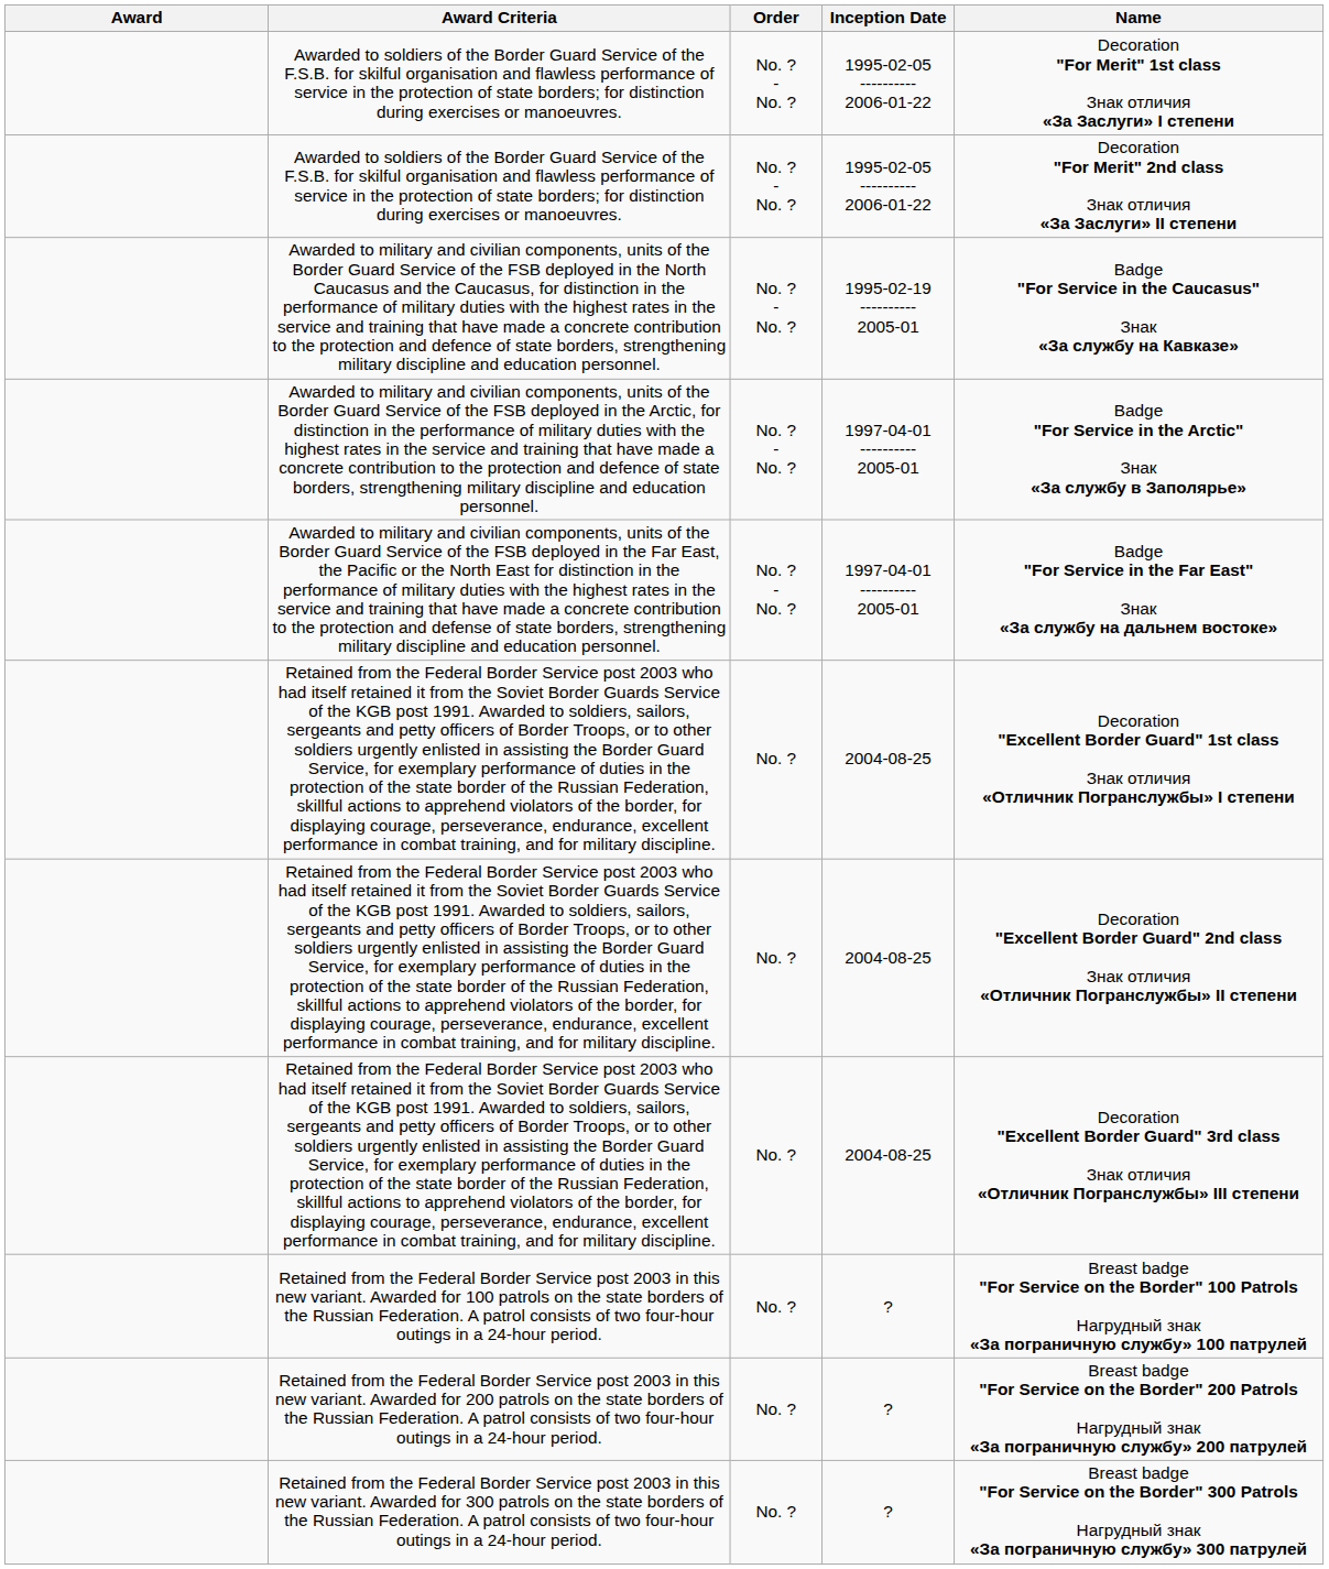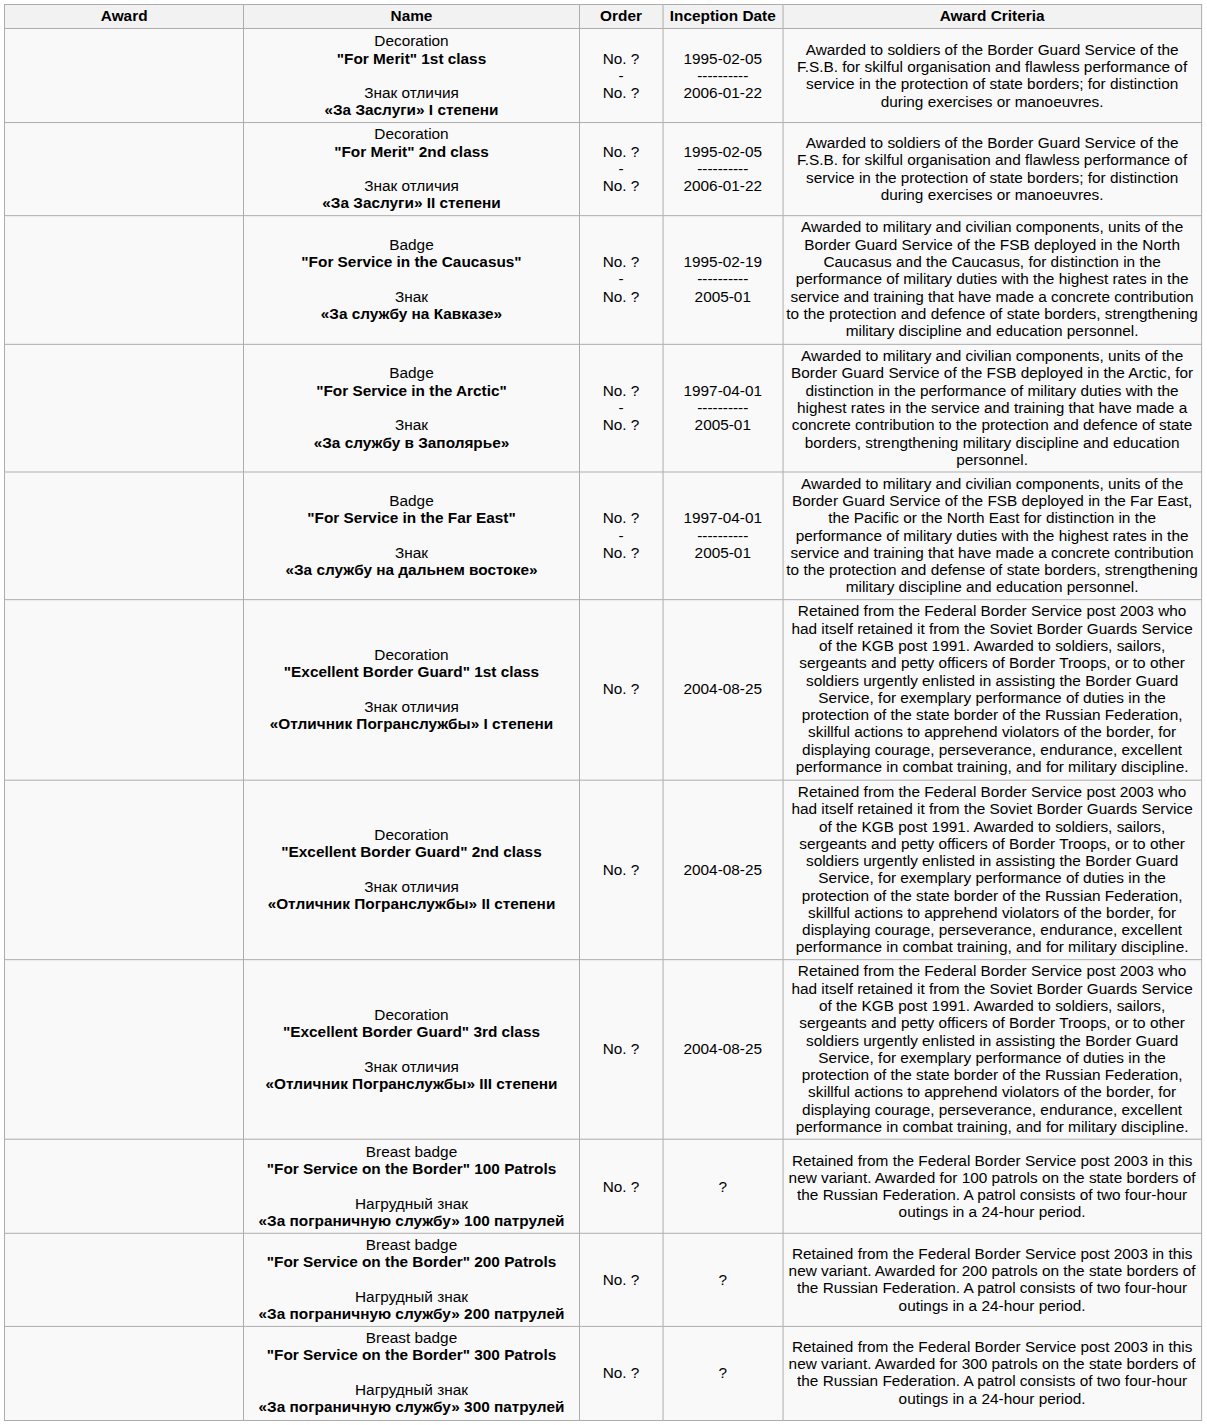 <table class="wikitable sortable" style="text-align:center">
 <tr>
 <th style="width:20%">Award</th>
-<th style="width:35%">Award Criteria</th>
+<th style="width:28%">Name </th>
 <th>Order</th>
 <th style="width:10%">Inception Date</th>
-<th style="width:28%">Name </th>
+<th style="width:35%">Award Criteria</th>
 </tr>
 <tr>
 <td></td>
-<td>Awarded to soldiers of the Border Guard Service of the F.S.B. for skilful organisation and flawless performance of service in the protection of state borders; for distinction during exercises or manoeuvres.</td>
+<td>Decoration<br><strong>"For Merit" 1st class</strong><br><br>Знак отличия<br><strong>«За Заслуги» I степени</strong></td>
 <td>No. ?<br>-<br>No. ?</td>
 <td>1995-02-05<br>----------<br>2006-01-22</td>
-<td>Decoration<br><strong>"For Merit" 1st class</strong><br><br>Знак отличия<br><strong>«За Заслуги» I степени</strong></td>
+<td>Awarded to soldiers of the Border Guard Service of the F.S.B. for skilful organisation and flawless performance of service in the protection of state borders; for distinction during exercises or manoeuvres.</td>
 </tr>
 <tr>
 <td></td>
-<td>Awarded to soldiers of the Border Guard Service of the F.S.B. for skilful organisation and flawless performance of service in the protection of state borders; for distinction during exercises or manoeuvres.</td>
+<td>Decoration<br><strong>"For Merit" 2nd class</strong><br><br>Знак  отличия<br><strong>«За Заслуги» II степени</strong></td>
 <td>No. ?<br>-<br>No. ?</td>
 <td>1995-02-05<br>----------<br>2006-01-22</td>
-<td>Decoration<br><strong>"For Merit" 2nd class</strong><br><br>Знак  отличия<br><strong>«За Заслуги» II степени</strong></td>
+<td>Awarded to soldiers of the Border Guard Service of the F.S.B. for skilful organisation and flawless performance of service in the protection of state borders; for distinction during exercises or manoeuvres.</td>
 </tr>
 <tr>
 <td></td>
-<td>Awarded to military and civilian components, units of the Border Guard Service of the FSB deployed in the North Caucasus and the Caucasus, for distinction in the performance of military duties with the highest rates in the service and training that have made a concrete contribution to the protection and defence of state borders, strengthening military discipline and education personnel.</td>
+<td>Badge<br><strong>"For Service in the Caucasus"</strong><br><br>Знак<br><strong>«За службу на Кавказе»</strong></td>
 <td>No. ?<br>-<br>No. ?</td>
 <td>1995-02-19<br>----------<br>2005-01</td>
-<td>Badge<br><strong>"For Service in the Caucasus"</strong><br><br>Знак<br><strong>«За службу на Кавказе»</strong></td>
+<td>Awarded to military and civilian components, units of the Border Guard Service of the FSB deployed in the North Caucasus and the Caucasus, for distinction in the performance of military duties with the highest rates in the service and training that have made a concrete contribution to the protection and defence of state borders, strengthening military discipline and education personnel.</td>
 </tr>
 <tr>
 <td></td>
-<td>Awarded to military and civilian components, units of the Border Guard Service of the FSB deployed in the Arctic, for distinction in the performance of military duties with the highest rates in the service and training that have made a concrete contribution to the protection and defence of state borders, strengthening military discipline and education personnel.</td>
+<td>Badge<br><strong>"For Service in the Arctic"</strong><br><br>Знак<br><strong>«За службу в Заполярье»</strong></td>
 <td>No. ?<br>-<br>No. ?</td>
 <td>1997-04-01<br>----------<br>2005-01</td>
-<td>Badge<br><strong>"For Service in the Arctic"</strong><br><br>Знак<br><strong>«За службу в Заполярье»</strong></td>
+<td>Awarded to military and civilian components, units of the Border Guard Service of the FSB deployed in the Arctic, for distinction in the performance of military duties with the highest rates in the service and training that have made a concrete contribution to the protection and defence of state borders, strengthening military discipline and education personnel.</td>
 </tr>
 <tr>
 <td></td>
-<td>Awarded to military and civilian components, units of the Border Guard Service of the FSB deployed in the Far East, the Pacific or the North East for distinction in the performance of military duties with the highest rates in the service and training that have made a concrete contribution to the protection and defense of state borders, strengthening military discipline and education personnel.</td>
+<td>Badge<br><strong>"For Service in the Far East"</strong><br><br>Знак<br><strong>«За службу на дальнем востоке»</strong></td>
 <td>No. ?<br>-<br>No. ?</td>
 <td>1997-04-01<br>----------<br>2005-01</td>
-<td>Badge<br><strong>"For Service in the Far East"</strong><br><br>Знак<br><strong>«За службу на дальнем востоке»</strong></td>
+<td>Awarded to military and civilian components, units of the Border Guard Service of the FSB deployed in the Far East, the Pacific or the North East for distinction in the performance of military duties with the highest rates in the service and training that have made a concrete contribution to the protection and defense of state borders, strengthening military discipline and education personnel.</td>
 </tr>
 <tr>
 <td></td>
-<td>Retained from the Federal Border Service post 2003 who had itself retained it from the Soviet Border Guards Service of the KGB post 1991.  Awarded to soldiers, sailors, sergeants and petty officers of Border Troops, or to other soldiers urgently enlisted in assisting the Border Guard Service, for exemplary performance of duties in the protection of the state border of the Russian Federation, skillful actions to apprehend violators of the border, for displaying courage, perseverance, endurance, excellent performance in combat training, and for military discipline.</td>
+<td>Decoration<br><strong>"Excellent Border Guard" 1st class</strong><br><br>Знак отличия<br><strong>«Отличник Погранслужбы» I степени</strong></td>
 <td>No. ?</td>
 <td>2004-08-25</td>
-<td>Decoration<br><strong>"Excellent Border Guard" 1st class</strong><br><br>Знак отличия<br><strong>«Отличник Погранслужбы» I степени</strong></td>
+<td>Retained from the Federal Border Service post 2003 who had itself retained it from the Soviet Border Guards Service of the KGB post 1991.  Awarded to soldiers, sailors, sergeants and petty officers of Border Troops, or to other soldiers urgently enlisted in assisting the Border Guard Service, for exemplary performance of duties in the protection of the state border of the Russian Federation, skillful actions to apprehend violators of the border, for displaying courage, perseverance, endurance, excellent performance in combat training, and for military discipline.</td>
 </tr>
 <tr>
 <td></td>
-<td>Retained from the Federal Border Service post 2003 who had itself retained it from the Soviet Border Guards Service of the KGB post 1991.  Awarded to soldiers, sailors, sergeants and petty officers of Border Troops, or to other soldiers urgently enlisted in assisting the Border Guard Service, for exemplary performance of duties in the protection of the state border of the Russian Federation, skillful actions to apprehend violators of the border, for displaying courage, perseverance, endurance, excellent performance in combat training, and for military discipline.</td>
+<td>Decoration<br><strong>"Excellent Border Guard" 2nd class</strong><br><br>Знак отличия<br><strong>«Отличник Погранслужбы» II степени</strong></td>
 <td>No. ?</td>
 <td>2004-08-25</td>
-<td>Decoration<br><strong>"Excellent Border Guard" 2nd class</strong><br><br>Знак отличия<br><strong>«Отличник Погранслужбы» II степени</strong></td>
+<td>Retained from the Federal Border Service post 2003 who had itself retained it from the Soviet Border Guards Service of the KGB post 1991.  Awarded to soldiers, sailors, sergeants and petty officers of Border Troops, or to other soldiers urgently enlisted in assisting the Border Guard Service, for exemplary performance of duties in the protection of the state border of the Russian Federation, skillful actions to apprehend violators of the border, for displaying courage, perseverance, endurance, excellent performance in combat training, and for military discipline.</td>
 </tr>
 <tr>
 <td></td>
-<td>Retained from the Federal Border Service post 2003 who had itself retained it from the Soviet Border Guards Service of the KGB post 1991.  Awarded to soldiers, sailors, sergeants and petty officers of Border Troops, or to other soldiers urgently enlisted in assisting the Border Guard Service, for exemplary performance of duties in the protection of the state border of the Russian Federation, skillful actions to apprehend violators of the border, for displaying courage, perseverance, endurance, excellent performance in combat training, and for military discipline.</td>
+<td>Decoration<br><strong>"Excellent Border Guard" 3rd class</strong><br><br>Знак отличия<br><strong>«Отличник Погранслужбы» III степени</strong></td>
 <td>No. ?</td>
 <td>2004-08-25</td>
-<td>Decoration<br><strong>"Excellent Border Guard" 3rd class</strong><br><br>Знак отличия<br><strong>«Отличник Погранслужбы» III степени</strong></td>
+<td>Retained from the Federal Border Service post 2003 who had itself retained it from the Soviet Border Guards Service of the KGB post 1991.  Awarded to soldiers, sailors, sergeants and petty officers of Border Troops, or to other soldiers urgently enlisted in assisting the Border Guard Service, for exemplary performance of duties in the protection of the state border of the Russian Federation, skillful actions to apprehend violators of the border, for displaying courage, perseverance, endurance, excellent performance in combat training, and for military discipline.</td>
 </tr>
 <tr>
 <td></td>
-<td>Retained from the Federal Border Service post 2003 in this new variant.  Awarded for 100 patrols on the state borders of the Russian Federation.  A patrol consists of two four-hour outings in a 24-hour period.</td>
+<td>Breast badge<br><strong>"For Service on the Border" 100 Patrols</strong><br><br>Нагрудный знак<br><strong>«За пограничную службу» 100 патрулей</strong></td>
 <td>No. ?</td>
 <td>?</td>
-<td>Breast badge<br><strong>"For Service on the Border" 100 Patrols</strong><br><br>Нагрудный знак<br><strong>«За пограничную службу» 100 патрулей</strong></td>
+<td>Retained from the Federal Border Service post 2003 in this new variant.  Awarded for 100 patrols on the state borders of the Russian Federation.  A patrol consists of two four-hour outings in a 24-hour period.</td>
 </tr>
 <tr>
 <td></td>
-<td>Retained from the Federal Border Service post 2003 in this new variant.  Awarded for 200 patrols on the state borders of the Russian Federation.  A patrol consists of two four-hour outings in a 24-hour period.</td>
+<td>Breast badge<br><strong>"For Service on the Border" 200 Patrols</strong><br><br>Нагрудный знак<br><strong>«За пограничную службу» 200 патрулей</strong></td>
 <td>No. ?</td>
 <td>?</td>
-<td>Breast badge<br><strong>"For Service on the Border" 200 Patrols</strong><br><br>Нагрудный знак<br><strong>«За пограничную службу» 200 патрулей</strong></td>
+<td>Retained from the Federal Border Service post 2003 in this new variant.  Awarded for 200 patrols on the state borders of the Russian Federation.  A patrol consists of two four-hour outings in a 24-hour period.</td>
 </tr>
 <tr>
 <td></td>
-<td>Retained from the Federal Border Service post 2003 in this new variant.  Awarded for 300 patrols on the state borders of the Russian Federation.  A patrol consists of two four-hour outings in a 24-hour period.</td>
+<td>Breast badge<br><strong>"For Service on the Border" 300 Patrols</strong><br><br>Нагрудный знак<br><strong>«За пограничную службу» 300 патрулей</strong></td>
 <td>No. ?</td>
 <td>?</td>
-<td>Breast badge<br><strong>"For Service on the Border" 300 Patrols</strong><br><br>Нагрудный знак<br><strong>«За пограничную службу» 300 патрулей</strong></td>
+<td>Retained from the Federal Border Service post 2003 in this new variant.  Awarded for 300 patrols on the state borders of the Russian Federation.  A patrol consists of two four-hour outings in a 24-hour period.</td>
 </tr>
 </table>
